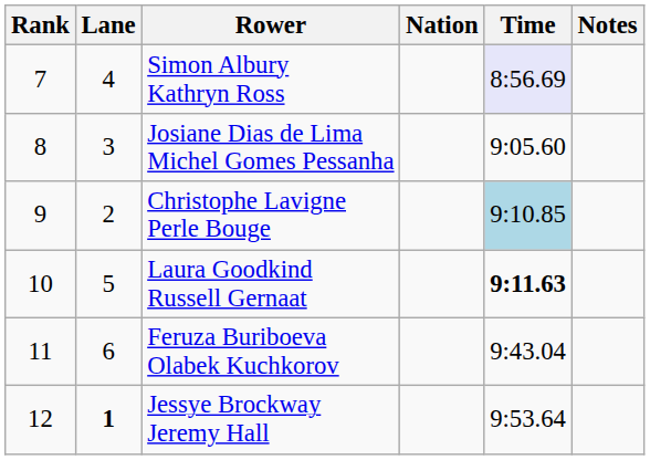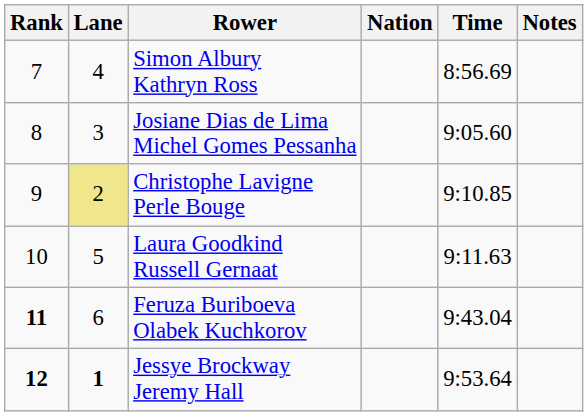 <table class="wikitable sortable" style="text-align:center">
 <tr>
 <th>Rank</th>
 <th>Lane</th>
 <th>Rower</th>
 <th>Nation</th>
 <th>Time</th>
 <th>Notes</th>
 </tr>
 <tr>
 <td>7</td>
 <td>4</td>
 <td align="left"><a href='#'>Simon Albury</a><br><a href='#'>Kathryn Ross</a></td>
 <td align="left"></td>
-<td style="background: lavender;">8:56.69</td>
+<td>8:56.69</td>
 <td></td>
 </tr>
 <tr>
 <td>8</td>
 <td>3</td>
 <td align="left"><a href='#'>Josiane Dias de Lima</a><br><a href='#'>Michel Gomes Pessanha</a></td>
 <td align="left"></td>
 <td>9:05.60</td>
 <td></td>
 </tr>
 <tr>
 <td>9</td>
-<td>2</td>
+<td style="background: khaki;">2</td>
 <td align="left"><a href='#'>Christophe Lavigne</a><br><a href='#'>Perle Bouge</a></td>
 <td align="left"></td>
-<td style="background: lightblue;">9:10.85</td>
+<td>9:10.85</td>
 <td></td>
 </tr>
 <tr>
 <td>10</td>
 <td>5</td>
 <td align="left"><a href='#'>Laura Goodkind</a><br><a href='#'>Russell Gernaat</a></td>
 <td align="left"></td>
-<td><strong>9:11.63</strong></td>
+<td>9:11.63</td>
 </tr>
 <tr>
-<td>11</td>
+<td><strong>11</strong></td>
 <td>6</td>
 <td align="left"><a href='#'>Feruza Buriboeva</a><br><a href='#'>Olabek Kuchkorov</a></td>
 <td align="left"></td>
 <td>9:43.04</td>
 <td></td>
 </tr>
 <tr>
-<td>12</td>
+<td><strong>12</strong></td>
 <td><strong>1</strong></td>
 <td align="left"><a href='#'>Jessye Brockway</a><br><a href='#'>Jeremy Hall</a></td>
 <td align="left"></td>
 <td>9:53.64</td>
 </tr>
 </table>
